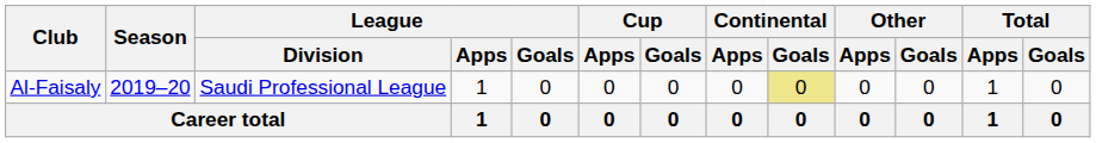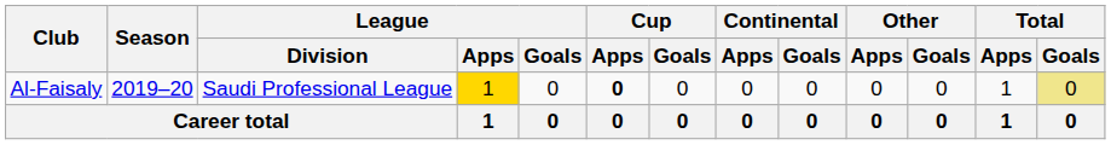 <table class="wikitable" style="text-align: center">
 <tr>
 <th rowspan="2">Club</th>
 <th rowspan="2">Season</th>
 <th colspan="3">League</th>
 <th colspan="2">Cup</th>
 <th colspan="2">Continental</th>
 <th colspan="2">Other</th>
 <th colspan="2">Total</th>
 </tr>
 <tr>
 <th>Division</th>
 <th>Apps</th>
 <th>Goals</th>
 <th>Apps</th>
 <th>Goals</th>
 <th>Apps</th>
 <th>Goals</th>
 <th>Apps</th>
 <th>Goals</th>
 <th>Apps</th>
 <th>Goals</th>
 </tr>
 <tr>
 <td><a href='#'>Al-Faisaly</a></td>
 <td><a href='#'>2019–20</a></td>
 <td><a href='#'>Saudi Professional League</a></td>
-<td>1</td>
+<td style="background: gold;">1</td>
+<td>0</td>
+<td><strong>0</strong></td>
 <td>0</td>
 <td>0</td>
 <td>0</td>
 <td>0</td>
-<td style="background: khaki;">0</td>
-<td>0</td>
 <td>0</td>
 <td>1</td>
-<td>0</td>
+<td style="background: khaki;">0</td>
 </tr>
 <tr>
 <th colspan=3>Career total</th>
 <th>1</th>
 <th>0</th>
 <th>0</th>
 <th>0</th>
 <th>0</th>
 <th>0</th>
 <th>0</th>
 <th>0</th>
 <th>1</th>
 <th>0</th>
 </tr>
 </table>
